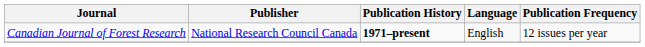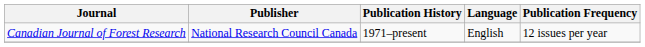 <table class="wikitable sortable">
 <tr>
 <th>Journal</th>
 <th>Publisher</th>
 <th>Publication History</th>
 <th>Language</th>
 <th>Publication Frequency</th>
 </tr>
 <tr>
 <td><em><a href='#'>Canadian Journal of Forest Research</a></em></td>
 <td><a href='#'>National Research Council Canada</a></td>
-<td><strong>1971–present</strong></td>
+<td>1971–present</td>
 <td>English</td>
 <td>12 issues per year</td>
 </tr>
 <tr>
 </tr>
 </table>
